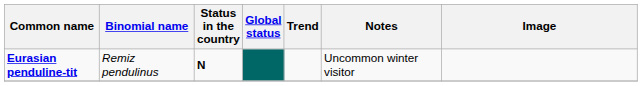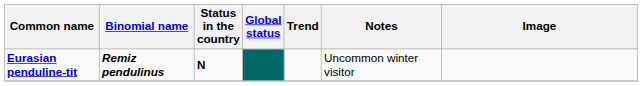 <table class="wikitable sortable">
 <tr>
 <th width="15%">Common name</th>
 <th width="15%"><a href='#'>Binomial name</a></th>
 <th data-sort-type="number" width="1%">Status in the country</th>
 <th width="5%"><a href='#'>Global status</a></th>
 <th width="5%">Trend</th>
 <th width="19%">Notes</th>
 <th class="unsortable">Image</th>
 </tr>
 <tr>
 <td><strong><a href='#'>Eurasian penduline-tit</a></strong></td>
-<td><em>Remiz pendulinus</em></td>
+<td><strong><em>Remiz pendulinus</em></strong></td>
 <td><strong>N</strong></td>
 <td align=center style="background: #006666"></td>
 <td align=center></td>
 <td>Uncommon winter visitor</td>
 <td></td>
 </tr>
 <tr>
 </tr>
 </table>
